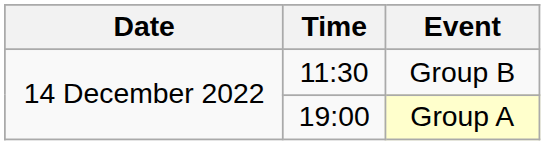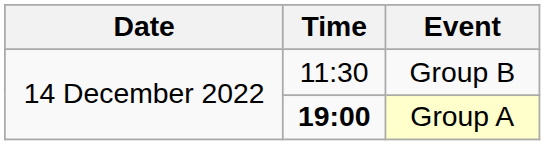 <table class = "wikitable" style="text-align:center;">
 <tr>
 <th width=150>Date</th>
 <th width=50>Time</th>
 <th width=80>Event</th>
 </tr>
 <tr>
 <td rowspan=2>14 December 2022</td>
 <td>11:30</td>
 <td>Group B</td>
 </tr>
 <tr>
-<td>19:00</td>
+<td><strong>19:00</strong></td>
 <td bgcolor=ffffcc>Group A</td>
 </tr>
 </table>
